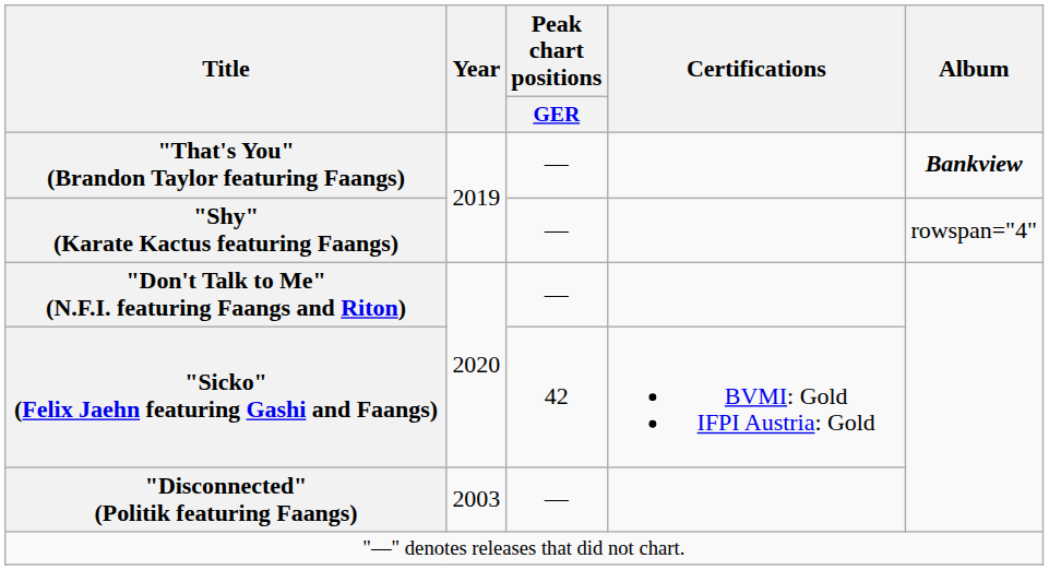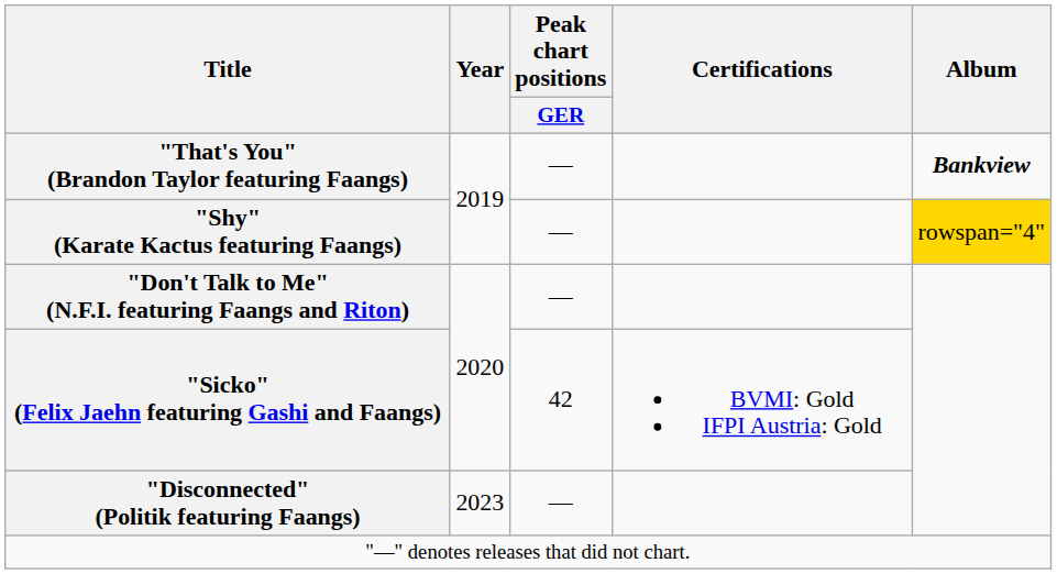 <table class="wikitable plainrowheaders" style="text-align:center;" border="1">
 <tr>
 <th scope="col" rowspan="2" style="width:18em;">Title</th>
 <th scope="col" rowspan="2">Year</th>
 <th scope="col" rowspan="1">Peak chart positions</th>
 <th scope="col" rowspan="2" style="width:12em;">Certifications</th>
 <th scope="col" rowspan="2">Album</th>
 </tr>
 <tr>
 <th scope="col" style="width:3em;font-size:90%;"><a href='#'>GER</a><br></th>
 </tr>
 <tr>
 <th scope="row">"That's You"<br><span>(Brandon Taylor featuring Faangs)</span></th>
 <td rowspan="2">2019</td>
 <td>—</td>
 <td></td>
 <td><strong><em>Bankview</em></strong></td>
 </tr>
 <tr>
 <th scope="row">"Shy"<br><span>(Karate Kactus featuring Faangs)</span></th>
 <td>—</td>
 <td></td>
-<td>rowspan="4" </td>
+<td style="background: gold;">rowspan="4" </td>
 </tr>
 <tr>
 <th scope="row">"Don't Talk to Me"<br><span>(N.F.I. featuring Faangs and <a href='#'>Riton</a>)</span></th>
 <td rowspan="2">2020</td>
 <td>—</td>
 <td></td>
 </tr>
 <tr>
 <th scope="row">"Sicko"<br><span>(<a href='#'>Felix Jaehn</a> featuring <a href='#'>Gashi</a> and Faangs)</span></th>
 <td>42</td>
 <td><br><ul><li><a href='#'>BVMI</a>: Gold</li><li><a href='#'>IFPI Austria</a>: Gold</li></ul></td>
 </tr>
 <tr>
 <th scope="row">"Disconnected"<br><span>(Politik featuring Faangs)</span></th>
-<td>2003</td>
+<td>2023</td>
 <td>—</td>
 <td></td>
 </tr>
 <tr>
 <td colspan="11" style="font-size:85%">"—" denotes releases that did not chart.</td>
 </tr>
 </table>
